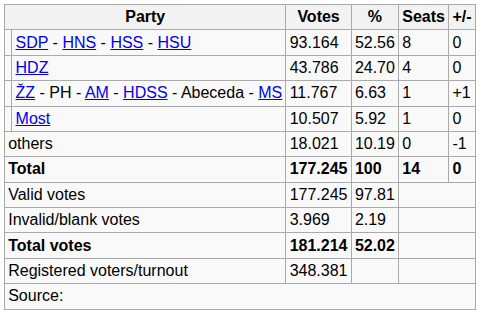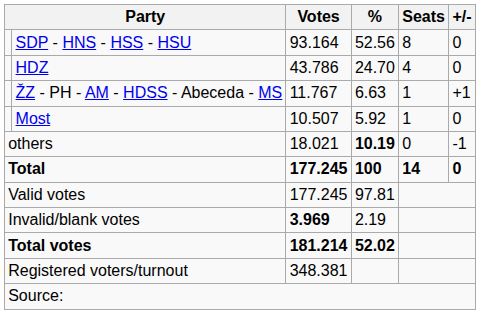 <table class="wikitable" style="text-align: left;">
 <tr>
 <th colspan="2">Party</th>
 <th>Votes</th>
 <th>%</th>
 <th>Seats</th>
 <th>+/-</th>
 </tr>
 <tr>
 <td style="background-color: "></td>
 <td><a href='#'>SDP</a> - <a href='#'>HNS</a> - <a href='#'>HSS</a> - <a href='#'>HSU</a></td>
 <td>93.164</td>
 <td>52.56</td>
 <td>8</td>
 <td>0</td>
 </tr>
 <tr>
 <td style="background-color: "></td>
 <td><a href='#'>HDZ</a></td>
 <td>43.786</td>
 <td>24.70</td>
 <td>4</td>
 <td>0</td>
 </tr>
 <tr>
 <td style="background-color: "></td>
 <td><a href='#'>ŽZ</a> - PH - <a href='#'>AM</a> - <a href='#'>HDSS</a> - Abeceda - <a href='#'>MS</a></td>
 <td>11.767</td>
 <td>6.63</td>
 <td>1</td>
 <td>+1</td>
 </tr>
 <tr>
 <td style="background-color: "></td>
 <td><a href='#'>Most</a></td>
 <td>10.507</td>
 <td>5.92</td>
 <td>1</td>
 <td>0</td>
 </tr>
 <tr>
 <td colspan="2">others</td>
 <td>18.021</td>
-<td>10.19</td>
+<td><strong>10.19</strong></td>
 <td>0</td>
 <td>-1</td>
 </tr>
 <tr>
 <td colspan="2"><strong>Total</strong></td>
 <td><strong>177.245</strong></td>
 <td><strong>100</strong></td>
 <td><strong>14</strong></td>
 <td><strong>0</strong></td>
 </tr>
 <tr>
 <td colspan="2">Valid votes</td>
 <td>177.245</td>
 <td>97.81</td>
 <td colspan="2"></td>
 </tr>
 <tr>
 <td colspan="2">Invalid/blank votes</td>
-<td>3.969</td>
+<td><strong>3.969</strong></td>
 <td>2.19</td>
 <td colspan="2"></td>
 </tr>
 <tr>
 <td colspan="2"><strong>Total votes</strong></td>
 <td><strong>181.214</strong></td>
 <td><strong>52.02</strong></td>
 <td colspan="2"></td>
 </tr>
 <tr>
 <td colspan="2">Registered voters/turnout</td>
 <td votes14="5343">348.381</td>
 <td></td>
 <td colspan="2"></td>
 </tr>
 <tr>
 <td colspan="6">Source: </td>
 </tr>
 </table>
